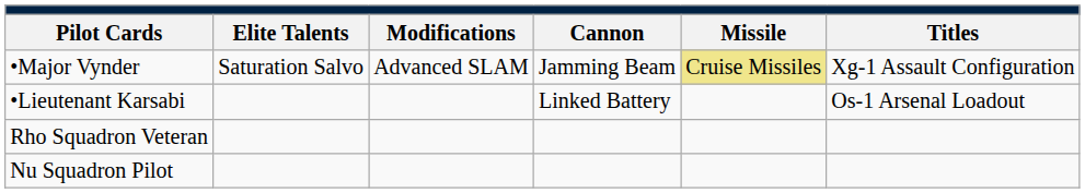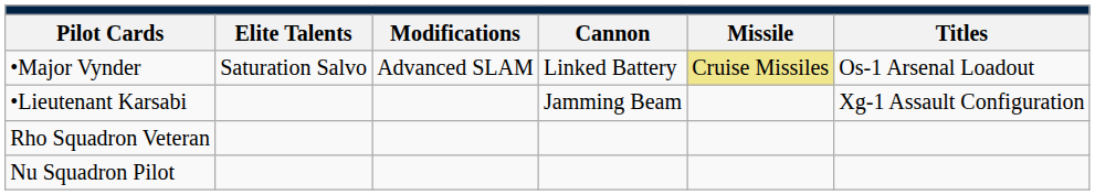 <table class="wikitable sortable">
 <tr style="background:#002244;">
 <td colspan="7"></td>
 </tr>
 <tr style="background:#f0f0f0;">
 </tr>
 <tr>
 <th>Pilot Cards</th>
 <th>Elite Talents</th>
 <th>Modifications</th>
 <th>Cannon</th>
 <th>Missile</th>
 <th>Titles</th>
 </tr>
 <tr>
 <td>•Major Vynder</td>
 <td>Saturation Salvo</td>
 <td>Advanced SLAM</td>
-<td>Jamming Beam</td>
+<td>Linked Battery</td>
 <td style="background: khaki;">Cruise Missiles</td>
-<td>Xg-1 Assault Configuration</td>
+<td>Os-1 Arsenal Loadout</td>
 </tr>
 <tr>
 <td>•Lieutenant Karsabi</td>
 <td></td>
 <td></td>
-<td>Linked Battery</td>
+<td>Jamming Beam</td>
 <td></td>
-<td>Os-1 Arsenal Loadout</td>
+<td>Xg-1 Assault Configuration</td>
 </tr>
 <tr>
 <td>Rho Squadron Veteran</td>
 <td></td>
 <td></td>
 <td></td>
 <td></td>
 <td></td>
 </tr>
 <tr>
 <td>Nu Squadron Pilot</td>
 <td></td>
 <td></td>
 <td></td>
 <td></td>
 <td></td>
 </tr>
 </table>
